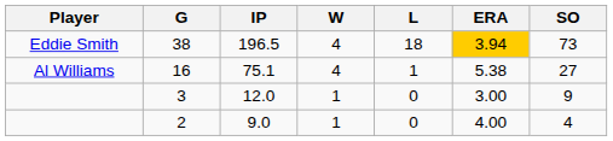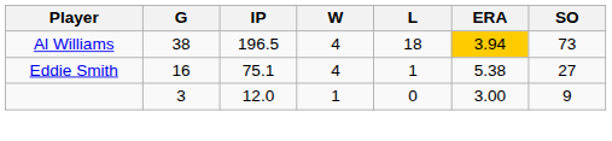 <table class="wikitable sortable">
 <tr>
 <th bgcolor="#DDDDFF" width="16%">Player</th>
 <th bgcolor="#DDDDFF" width="9%">G</th>
 <th bgcolor="#DDDDFF" width="9%">IP</th>
 <th bgcolor="#DDDDFF" width="9%">W</th>
 <th bgcolor="#DDDDFF" width="9%">L</th>
 <th bgcolor="#DDDDFF" width="9%">ERA</th>
 <th bgcolor="#DDDDFF" width="9%">SO</th>
 </tr>
 <tr align="center">
-<td><a href='#'>Eddie Smith</a></td>
+<td><a href='#'>Al Williams</a></td>
 <td>38</td>
 <td>196.5</td>
 <td>4</td>
 <td>18</td>
 <td style="background:#fc0;">3.94</td>
 <td>73</td>
 </tr>
 <tr align=center>
-<td><a href='#'>Al Williams</a></td>
+<td><a href='#'>Eddie Smith</a></td>
 <td>16</td>
 <td>75.1</td>
 <td>4</td>
 <td>1</td>
 <td>5.38</td>
 <td>27</td>
 </tr>
 <tr align="center">
 <td></td>
 <td>3</td>
 <td>12.0</td>
 <td>1</td>
 <td>0</td>
 <td>3.00</td>
 <td>9</td>
 </tr>
-<tr align="center">
-<td></td>
-<td>2</td>
-<td>9.0</td>
-<td>1</td>
-<td>0</td>
-<td>4.00</td>
-<td>4</td>
-</tr>
 </table>
